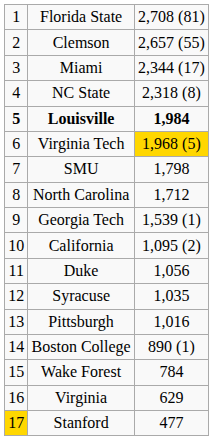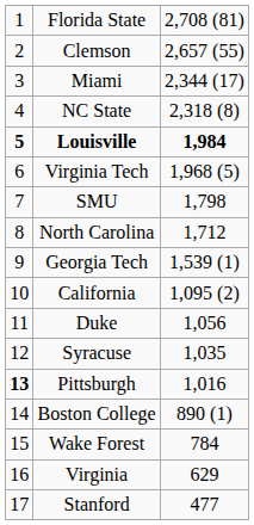 <table class="wikitable" style="display: inline-table; text-align:center;">
 <tr align="center">
 <td>1</td>
 <td>Florida State</td>
 <td>2,708 (81)</td>
 </tr>
 <tr>
 <td>2</td>
 <td>Clemson</td>
 <td>2,657 (55)</td>
 </tr>
 <tr>
 <td>3</td>
 <td>Miami</td>
 <td>2,344 (17)</td>
 </tr>
 <tr>
 <td>4</td>
 <td>NC State</td>
 <td>2,318 (8)</td>
 </tr>
 <tr>
 <td style=><strong>5</strong></td>
 <td><strong>Louisville</strong></td>
 <td style=><strong>1,984</strong></td>
 </tr>
 <tr>
 <td>6</td>
 <td>Virginia Tech</td>
-<td style="background: gold;">1,968 (5)</td>
+<td>1,968 (5)</td>
 </tr>
 <tr>
 <td>7</td>
 <td>SMU</td>
 <td>1,798</td>
 </tr>
 <tr>
 <td>8</td>
 <td>North Carolina</td>
 <td>1,712</td>
 </tr>
 <tr>
 <td>9</td>
 <td>Georgia Tech</td>
 <td>1,539 (1)</td>
 </tr>
 <tr>
 <td>10</td>
 <td>California</td>
 <td>1,095 (2)</td>
 </tr>
 <tr>
 <td>11</td>
 <td>Duke</td>
 <td>1,056</td>
 </tr>
 <tr>
 <td>12</td>
 <td>Syracuse</td>
 <td>1,035</td>
 </tr>
 <tr>
-<td>13</td>
+<td><strong>13</strong></td>
 <td>Pittsburgh</td>
 <td>1,016</td>
 </tr>
 <tr>
 <td>14</td>
 <td>Boston College</td>
 <td>890 (1)</td>
 </tr>
 <tr>
 <td>15</td>
 <td>Wake Forest</td>
 <td>784</td>
 </tr>
 <tr>
 <td>16</td>
 <td>Virginia</td>
 <td>629</td>
 </tr>
 <tr>
-<td style="background: gold;">17</td>
+<td>17</td>
 <td>Stanford</td>
 <td>477</td>
 </tr>
 </table>
